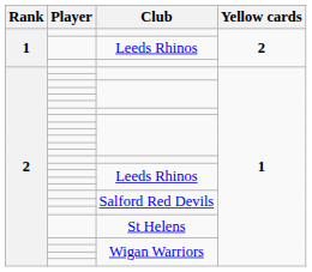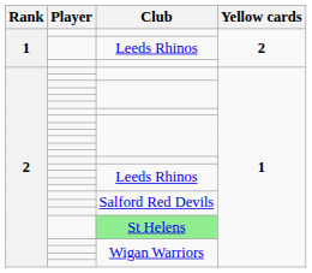 <table class="wikitable sortable" style="text-align:center">
 <tr>
 <th>Rank</th>
 <th>Player</th>
 <th>Club</th>
 <th> Yellow cards</th>
 </tr>
 <tr>
 <th Rowspan=3>1</th>
 <td align="left"></td>
 <td></td>
 <td Rowspan=3><strong>2</strong></td>
 </tr>
 <tr>
 <td align="left"></td>
 <td> <a href='#'>Leeds Rhinos</a></td>
 </tr>
 <tr>
 <td align="left"></td>
 <td></td>
 </tr>
 <tr>
 <th Rowspan =30>2</th>
 <td align="left"></td>
 <td Rowspan=2></td>
 <td Rowspan=30><strong>1</strong></td>
 </tr>
 <tr>
 <td align="left"></td>
 </tr>
 <tr>
 <td align="left"></td>
 <td Rowspan=4></td>
 </tr>
 <tr>
 <td align="left"></td>
 </tr>
 <tr>
 <td align="left"></td>
 </tr>
 <tr>
 <td align="left"></td>
 </tr>
 <tr>
 <td align="left"></td>
 <td></td>
 </tr>
 <tr>
 <td align="left"></td>
 <td Rowspan=6></td>
 </tr>
 <tr>
 <td align="left"></td>
 </tr>
 <tr>
 <td align="left"></td>
 </tr>
 <tr>
 <td align="left"></td>
 </tr>
 <tr>
 <td align="left"></td>
 </tr>
 <tr>
 <td align="left"></td>
 </tr>
 <tr>
 <td align="left"></td>
 <td></td>
 </tr>
 <tr>
 <td align="left"></td>
 <td Rowspan=4> <a href='#'>Leeds Rhinos</a></td>
 </tr>
 <tr>
 <td align="left"></td>
 </tr>
 <tr>
 <td align="left"></td>
 </tr>
 <tr>
 <td align="left"></td>
 </tr>
 <tr>
 <td align="left"></td>
 <td Rowspan=3> <a href='#'>Salford Red Devils</a></td>
 </tr>
 <tr>
 <td align="left"></td>
 </tr>
 <tr>
 <td align="left"></td>
 </tr>
 <tr>
 <td align="left"></td>
-<td> <a href='#'>St Helens</a></td>
+<td style="background: lightgreen;"> <a href='#'>St Helens</a></td>
 </tr>
 <tr>
 <td align="left"></td>
 <td Rowspan=4> <a href='#'>Wigan Warriors</a></td>
 </tr>
 <tr>
 <td align="left"></td>
 </tr>
 <tr>
 <td align="left"></td>
 </tr>
 <tr>
 <td align="left"></td>
 </tr>
 </table>
